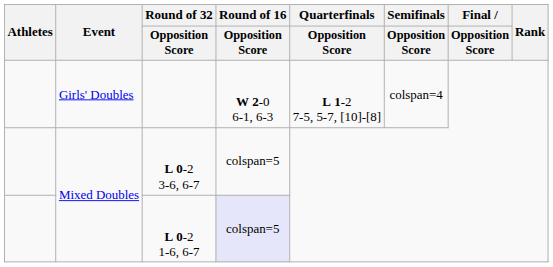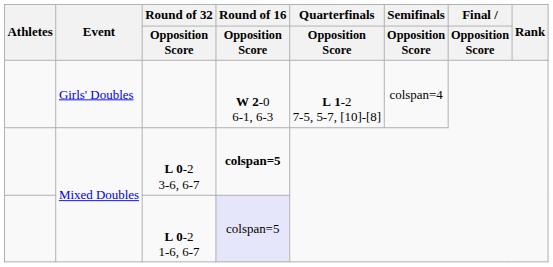 <table class=wikitable style="font-size:90%">
 <tr>
 <th rowspan="2">Athletes</th>
 <th rowspan="2">Event</th>
 <th>Round of 32</th>
 <th>Round of 16</th>
 <th>Quarterfinals</th>
 <th>Semifinals</th>
 <th>Final / </th>
 <th rowspan=2>Rank</th>
 </tr>
 <tr style="font-size:95%">
 <th>Opposition<br>Score</th>
 <th>Opposition<br>Score</th>
 <th>Opposition<br>Score</th>
 <th>Opposition<br>Score</th>
 <th>Opposition<br>Score</th>
 </tr>
 <tr align=center>
 <td align=left><br></td>
 <td align=left><a href='#'>Girls' Doubles</a></td>
 <td></td>
 <td><br><br><strong>W</strong> <strong>2</strong>-0 <br> 6-1, 6-3</td>
 <td><br><br><strong>L</strong> <strong>1</strong>-2 <br> 7-5, 5-7, [10]-[8]</td>
 <td>colspan=4 </td>
 </tr>
 <tr align=center>
 <td align=left><br></td>
 <td align=left rowspan=2><a href='#'>Mixed Doubles</a></td>
 <td><br><br><strong>L</strong> <strong>0</strong>-2 <br> 3-6, 6-7</td>
-<td>colspan=5 </td>
+<td><strong>colspan=5 </strong></td>
 </tr>
 <tr align=center>
 <td align=left><br></td>
 <td><br><br><strong>L</strong> <strong>0</strong>-2 <br> 1-6, 6-7</td>
 <td style="background: lavender;">colspan=5 </td>
 </tr>
 </table>
